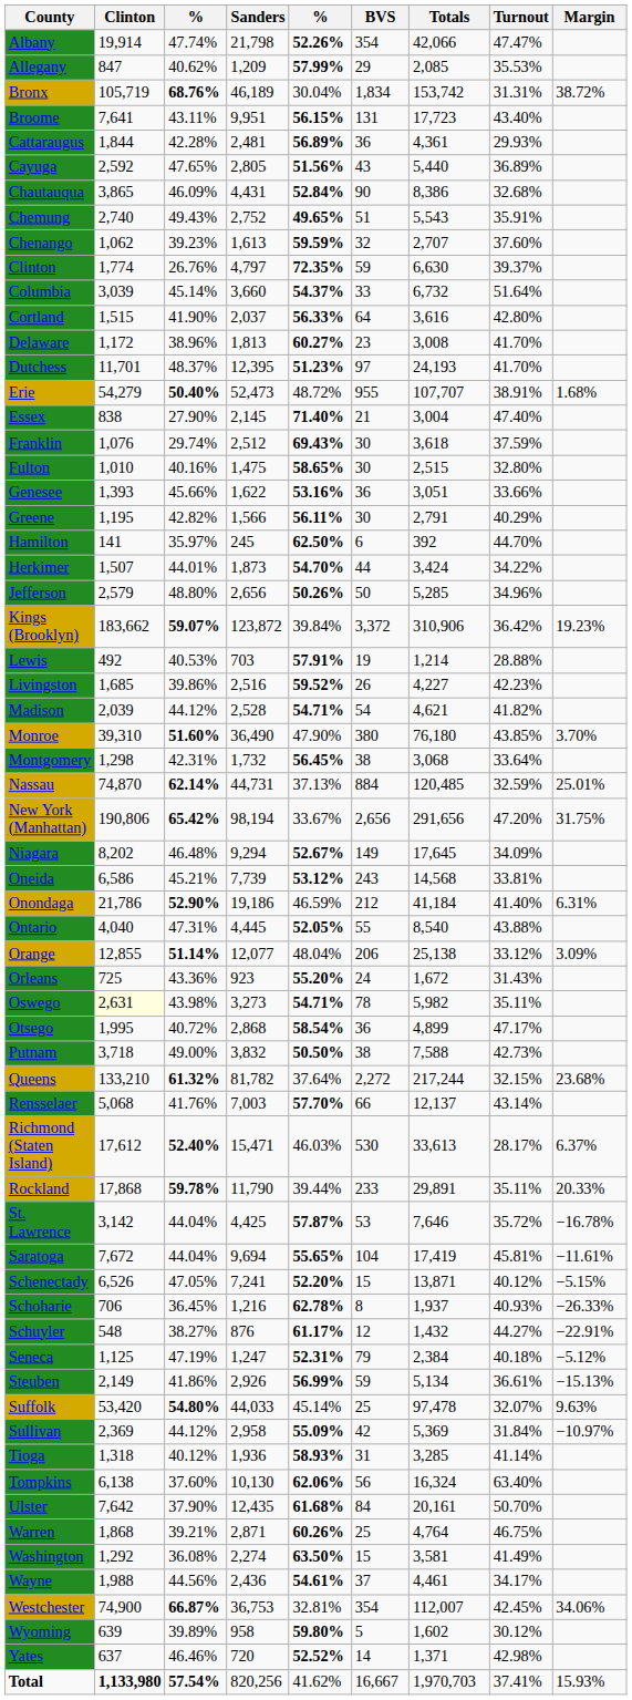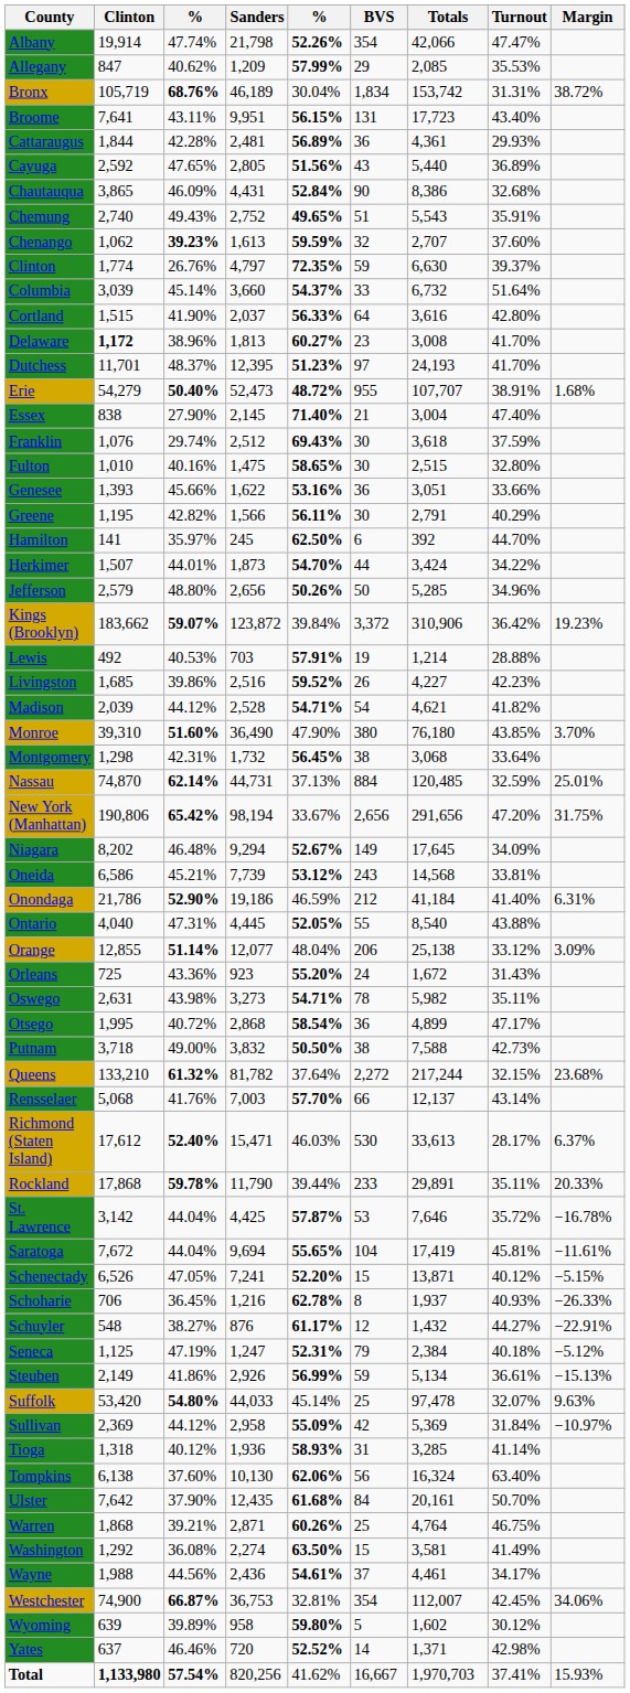 <table style="width:50%;" class="wikitable sortable">
 <tr style="background:lightgrey;">
 <th style="width:10%;">County</th>
 <th style="width:10%;">Clinton</th>
 <th style="width:10%;">%</th>
 <th style="width:10%;">Sanders</th>
 <th style="width:10%;">%</th>
 <th>BVS</th>
 <th>Totals</th>
 <th style="width:10%;">Turnout</th>
 <th>Margin</th>
 </tr>
 <tr>
 <td style="background:#228B22;"><a href='#'>Albany</a></td>
 <td>19,914</td>
 <td>47.74%</td>
 <td>21,798</td>
 <td><strong>52.26%</strong></td>
 <td>354</td>
 <td>42,066</td>
 <td>47.47%</td>
 <td></td>
 </tr>
 <tr>
 <td style="background:#228B22;"><a href='#'>Allegany</a></td>
 <td>847</td>
 <td>40.62%</td>
 <td>1,209</td>
 <td><strong>57.99%</strong></td>
 <td>29</td>
 <td>2,085</td>
 <td>35.53%</td>
 <td></td>
 </tr>
 <tr>
 <td style="background:#D4AA00;"><a href='#'>Bronx</a></td>
 <td>105,719</td>
 <td><strong>68.76%</strong></td>
 <td>46,189</td>
 <td>30.04%</td>
 <td>1,834</td>
 <td>153,742</td>
 <td>31.31%</td>
 <td>38.72%</td>
 </tr>
 <tr>
 <td style="background:#228B22;"><a href='#'>Broome</a></td>
 <td>7,641</td>
 <td>43.11%</td>
 <td>9,951</td>
 <td><strong>56.15%</strong></td>
 <td>131</td>
 <td>17,723</td>
 <td>43.40%</td>
 <td></td>
 </tr>
 <tr>
 <td style="background:#228B22;"><a href='#'>Cattaraugus</a></td>
 <td>1,844</td>
 <td>42.28%</td>
 <td>2,481</td>
 <td><strong>56.89%</strong></td>
 <td>36</td>
 <td>4,361</td>
 <td>29.93%</td>
 <td></td>
 </tr>
 <tr>
 <td style="background:#228B22;"><a href='#'>Cayuga</a></td>
 <td>2,592</td>
 <td>47.65%</td>
 <td>2,805</td>
 <td><strong>51.56%</strong></td>
 <td>43</td>
 <td>5,440</td>
 <td>36.89%</td>
 <td></td>
 </tr>
 <tr>
 <td style="background:#228B22;"><a href='#'>Chautauqua</a></td>
 <td>3,865</td>
 <td>46.09%</td>
 <td>4,431</td>
 <td><strong>52.84%</strong></td>
 <td>90</td>
 <td>8,386</td>
 <td>32.68%</td>
 <td></td>
 </tr>
 <tr>
 <td style="background:#228B22;"><a href='#'>Chemung</a></td>
 <td>2,740</td>
 <td>49.43%</td>
 <td>2,752</td>
 <td><strong>49.65%</strong></td>
 <td>51</td>
 <td>5,543</td>
 <td>35.91%</td>
 <td></td>
 </tr>
 <tr>
 <td style="background:#228B22;"><a href='#'>Chenango</a></td>
 <td>1,062</td>
-<td>39.23%</td>
+<td><strong>39.23%</strong></td>
 <td>1,613</td>
 <td><strong>59.59%</strong></td>
 <td>32</td>
 <td>2,707</td>
 <td>37.60%</td>
 <td></td>
 </tr>
 <tr>
 <td style="background:#228B22;"><a href='#'>Clinton</a></td>
 <td>1,774</td>
 <td>26.76%</td>
 <td>4,797</td>
 <td><strong>72.35%</strong></td>
 <td>59</td>
 <td>6,630</td>
 <td>39.37%</td>
 <td></td>
 </tr>
 <tr>
 <td style="background:#228B22;"><a href='#'>Columbia</a></td>
 <td>3,039</td>
 <td>45.14%</td>
 <td>3,660</td>
 <td><strong>54.37%</strong></td>
 <td>33</td>
 <td>6,732</td>
 <td>51.64%</td>
 <td></td>
 </tr>
 <tr>
 <td style="background:#228B22;"><a href='#'>Cortland</a></td>
 <td>1,515</td>
 <td>41.90%</td>
 <td>2,037</td>
 <td><strong>56.33%</strong></td>
 <td>64</td>
 <td>3,616</td>
 <td>42.80%</td>
 <td></td>
 </tr>
 <tr>
 <td style="background:#228B22;"><a href='#'>Delaware</a></td>
-<td>1,172</td>
+<td><strong>1,172</strong></td>
 <td>38.96%</td>
 <td>1,813</td>
 <td><strong>60.27%</strong></td>
 <td>23</td>
 <td>3,008</td>
 <td>41.70%</td>
 <td></td>
 </tr>
 <tr>
 <td style="background:#228B22;"><a href='#'>Dutchess</a></td>
 <td>11,701</td>
 <td>48.37%</td>
 <td>12,395</td>
 <td><strong>51.23%</strong></td>
 <td>97</td>
 <td>24,193</td>
 <td>41.70%</td>
 <td></td>
 </tr>
 <tr>
 <td style="background:#D4AA00;"><a href='#'>Erie</a></td>
 <td>54,279</td>
 <td><strong>50.40%</strong></td>
 <td>52,473</td>
-<td>48.72%</td>
+<td><strong>48.72%</strong></td>
 <td>955</td>
 <td>107,707</td>
 <td>38.91%</td>
 <td>1.68%</td>
 </tr>
 <tr>
 <td style="background:#228B22;"><a href='#'>Essex</a></td>
 <td>838</td>
 <td>27.90%</td>
 <td>2,145</td>
 <td><strong>71.40%</strong></td>
 <td>21</td>
 <td>3,004</td>
 <td>47.40%</td>
 <td></td>
 </tr>
 <tr>
 <td style="background:#228B22;"><a href='#'>Franklin</a></td>
 <td>1,076</td>
 <td>29.74%</td>
 <td>2,512</td>
 <td><strong>69.43%</strong></td>
 <td>30</td>
 <td>3,618</td>
 <td>37.59%</td>
 <td></td>
 </tr>
 <tr>
 <td style="background:#228B22;"><a href='#'>Fulton</a></td>
 <td>1,010</td>
 <td>40.16%</td>
 <td>1,475</td>
 <td><strong>58.65%</strong></td>
 <td>30</td>
 <td>2,515</td>
 <td>32.80%</td>
 <td></td>
 </tr>
 <tr>
 <td style="background:#228B22;"><a href='#'>Genesee</a></td>
 <td>1,393</td>
 <td>45.66%</td>
 <td>1,622</td>
 <td><strong>53.16%</strong></td>
 <td>36</td>
 <td>3,051</td>
 <td>33.66%</td>
 <td></td>
 </tr>
 <tr>
 <td style="background:#228B22;"><a href='#'>Greene</a></td>
 <td>1,195</td>
 <td>42.82%</td>
 <td>1,566</td>
 <td><strong>56.11%</strong></td>
 <td>30</td>
 <td>2,791</td>
 <td>40.29%</td>
 <td></td>
 </tr>
 <tr>
 <td style="background:#228B22;"><a href='#'>Hamilton</a></td>
 <td>141</td>
 <td>35.97%</td>
 <td>245</td>
 <td><strong>62.50%</strong></td>
 <td>6</td>
 <td>392</td>
 <td>44.70%</td>
 <td></td>
 </tr>
 <tr>
 <td style="background:#228B22;"><a href='#'>Herkimer</a></td>
 <td>1,507</td>
 <td>44.01%</td>
 <td>1,873</td>
 <td><strong>54.70%</strong></td>
 <td>44</td>
 <td>3,424</td>
 <td>34.22%</td>
 <td></td>
 </tr>
 <tr>
 <td style="background:#228B22;"><a href='#'>Jefferson</a></td>
 <td>2,579</td>
 <td>48.80%</td>
 <td>2,656</td>
 <td><strong>50.26%</strong></td>
 <td>50</td>
 <td>5,285</td>
 <td>34.96%</td>
 <td></td>
 </tr>
 <tr>
 <td style="background:#D4AA00;"><a href='#'>Kings (Brooklyn)</a></td>
 <td>183,662</td>
 <td><strong>59.07%</strong></td>
 <td>123,872</td>
 <td>39.84%</td>
 <td>3,372</td>
 <td>310,906</td>
 <td>36.42%</td>
 <td>19.23%</td>
 </tr>
 <tr>
 <td style="background:#228B22;"><a href='#'>Lewis</a></td>
 <td>492</td>
 <td>40.53%</td>
 <td>703</td>
 <td><strong>57.91%</strong></td>
 <td>19</td>
 <td>1,214</td>
 <td>28.88%</td>
 <td></td>
 </tr>
 <tr>
 <td style="background:#228B22;"><a href='#'>Livingston</a></td>
 <td>1,685</td>
 <td>39.86%</td>
 <td>2,516</td>
 <td><strong>59.52%</strong></td>
 <td>26</td>
 <td>4,227</td>
 <td>42.23%</td>
 <td></td>
 </tr>
 <tr>
 <td style="background:#228B22;"><a href='#'>Madison</a></td>
 <td>2,039</td>
 <td>44.12%</td>
 <td>2,528</td>
 <td><strong>54.71%</strong></td>
 <td>54</td>
 <td>4,621</td>
 <td>41.82%</td>
 <td></td>
 </tr>
 <tr>
 <td style="background:#D4AA00;"><a href='#'>Monroe</a></td>
 <td>39,310</td>
 <td><strong>51.60%</strong></td>
 <td>36,490</td>
 <td>47.90%</td>
 <td>380</td>
 <td>76,180</td>
 <td>43.85%</td>
 <td>3.70%</td>
 </tr>
 <tr>
 <td style="background:#228B22;"><a href='#'>Montgomery</a></td>
 <td>1,298</td>
 <td>42.31%</td>
 <td>1,732</td>
 <td><strong>56.45%</strong></td>
 <td>38</td>
 <td>3,068</td>
 <td>33.64%</td>
 <td></td>
 </tr>
 <tr>
 <td style="background:#D4AA00;"><a href='#'>Nassau</a></td>
 <td>74,870</td>
 <td><strong>62.14%</strong></td>
 <td>44,731</td>
 <td>37.13%</td>
 <td>884</td>
 <td>120,485</td>
 <td>32.59%</td>
 <td>25.01%</td>
 </tr>
 <tr>
 <td style="background:#D4AA00;"><a href='#'>New York (Manhattan)</a></td>
 <td>190,806</td>
 <td><strong>65.42%</strong></td>
 <td>98,194</td>
 <td>33.67%</td>
 <td>2,656</td>
 <td>291,656</td>
 <td>47.20%</td>
 <td>31.75%</td>
 </tr>
 <tr>
 <td style="background:#228B22;"><a href='#'>Niagara</a></td>
 <td>8,202</td>
 <td>46.48%</td>
 <td>9,294</td>
 <td><strong>52.67%</strong></td>
 <td>149</td>
 <td>17,645</td>
 <td>34.09%</td>
 <td></td>
 </tr>
 <tr>
 <td style="background:#228B22;"><a href='#'>Oneida</a></td>
 <td>6,586</td>
 <td>45.21%</td>
 <td>7,739</td>
 <td><strong>53.12%</strong></td>
 <td>243</td>
 <td>14,568</td>
 <td>33.81%</td>
 <td></td>
 </tr>
 <tr>
 <td style="background:#D4AA00;"><a href='#'>Onondaga</a></td>
 <td>21,786</td>
 <td><strong>52.90%</strong></td>
 <td>19,186</td>
 <td>46.59%</td>
 <td>212</td>
 <td>41,184</td>
 <td>41.40%</td>
 <td>6.31%</td>
 </tr>
 <tr>
 <td style="background:#228B22;"><a href='#'>Ontario</a></td>
 <td>4,040</td>
 <td>47.31%</td>
 <td>4,445</td>
 <td><strong>52.05%</strong></td>
 <td>55</td>
 <td>8,540</td>
 <td>43.88%</td>
 <td></td>
 </tr>
 <tr>
 <td style="background:#D4AA00;"><a href='#'>Orange</a></td>
 <td>12,855</td>
 <td><strong>51.14%</strong></td>
 <td>12,077</td>
 <td>48.04%</td>
 <td>206</td>
 <td>25,138</td>
 <td>33.12%</td>
 <td>3.09%</td>
 </tr>
 <tr>
 <td style="background:#228B22;"><a href='#'>Orleans</a></td>
 <td>725</td>
 <td>43.36%</td>
 <td>923</td>
 <td><strong>55.20%</strong></td>
 <td>24</td>
 <td>1,672</td>
 <td>31.43%</td>
 <td></td>
 </tr>
 <tr>
 <td style="background:#228B22;"><a href='#'>Oswego</a></td>
-<td style="background: lightyellow;">2,631</td>
+<td>2,631</td>
 <td>43.98%</td>
 <td>3,273</td>
 <td><strong>54.71%</strong></td>
 <td>78</td>
 <td>5,982</td>
 <td>35.11%</td>
 <td></td>
 </tr>
 <tr>
 <td style="background:#228B22;"><a href='#'>Otsego</a></td>
 <td>1,995</td>
 <td>40.72%</td>
 <td>2,868</td>
 <td><strong>58.54%</strong></td>
 <td>36</td>
 <td>4,899</td>
 <td>47.17%</td>
 <td></td>
 </tr>
 <tr>
 <td style="background:#228B22;"><a href='#'>Putnam</a></td>
 <td>3,718</td>
 <td>49.00%</td>
 <td>3,832</td>
 <td><strong>50.50%</strong></td>
 <td>38</td>
 <td>7,588</td>
 <td>42.73%</td>
 <td></td>
 </tr>
 <tr>
 <td style="background:#D4AA00;"><a href='#'>Queens</a></td>
 <td>133,210</td>
 <td><strong>61.32%</strong></td>
 <td>81,782</td>
 <td>37.64%</td>
 <td>2,272</td>
 <td>217,244</td>
 <td>32.15%</td>
 <td>23.68%</td>
 </tr>
 <tr>
 <td style="background:#228B22;"><a href='#'>Rensselaer</a></td>
 <td>5,068</td>
 <td>41.76%</td>
 <td>7,003</td>
 <td><strong>57.70%</strong></td>
 <td>66</td>
 <td>12,137</td>
 <td>43.14%</td>
 <td></td>
 </tr>
 <tr>
 <td style="background:#D4AA00;"><a href='#'>Richmond (Staten Island)</a></td>
 <td>17,612</td>
 <td><strong>52.40%</strong></td>
 <td>15,471</td>
 <td>46.03%</td>
 <td>530</td>
 <td>33,613</td>
 <td>28.17%</td>
 <td>6.37%</td>
 </tr>
 <tr>
 <td style="background:#D4AA00;"><a href='#'>Rockland</a></td>
 <td>17,868</td>
 <td><strong>59.78%</strong></td>
 <td>11,790</td>
 <td>39.44%</td>
 <td>233</td>
 <td>29,891</td>
 <td>35.11%</td>
 <td>20.33%</td>
 </tr>
 <tr>
 <td style="background:#228B22;"><a href='#'>St. Lawrence</a></td>
 <td>3,142</td>
 <td>44.04%</td>
 <td>4,425</td>
 <td><strong>57.87%</strong></td>
 <td>53</td>
 <td>7,646</td>
 <td>35.72%</td>
 <td>−16.78%</td>
 </tr>
 <tr>
 <td style="background:#228B22;"><a href='#'>Saratoga</a></td>
 <td>7,672</td>
 <td>44.04%</td>
 <td>9,694</td>
 <td><strong>55.65%</strong></td>
 <td>104</td>
 <td>17,419</td>
 <td>45.81%</td>
 <td>−11.61%</td>
 </tr>
 <tr>
 <td style="background:#228B22;"><a href='#'>Schenectady</a></td>
 <td>6,526</td>
 <td>47.05%</td>
 <td>7,241</td>
 <td><strong>52.20%</strong></td>
 <td>15</td>
 <td>13,871</td>
 <td>40.12%</td>
 <td>−5.15%</td>
 </tr>
 <tr>
 <td style="background:#228B22;"><a href='#'>Schoharie</a></td>
 <td>706</td>
 <td>36.45%</td>
 <td>1,216</td>
 <td><strong>62.78%</strong></td>
 <td>8</td>
 <td>1,937</td>
 <td>40.93%</td>
 <td>−26.33%</td>
 </tr>
 <tr>
 <td style="background:#228B22;"><a href='#'>Schuyler</a></td>
 <td>548</td>
 <td>38.27%</td>
 <td>876</td>
 <td><strong>61.17%</strong></td>
 <td>12</td>
 <td>1,432</td>
 <td>44.27%</td>
 <td>−22.91%</td>
 </tr>
 <tr>
 <td style="background:#228B22;"><a href='#'>Seneca</a></td>
 <td>1,125</td>
 <td>47.19%</td>
 <td>1,247</td>
 <td><strong>52.31%</strong></td>
 <td>79</td>
 <td>2,384</td>
 <td>40.18%</td>
 <td>−5.12%</td>
 </tr>
 <tr>
 <td style="background:#228B22;"><a href='#'>Steuben</a></td>
 <td>2,149</td>
 <td>41.86%</td>
 <td>2,926</td>
 <td><strong>56.99%</strong></td>
 <td>59</td>
 <td>5,134</td>
 <td>36.61%</td>
 <td>−15.13%</td>
 </tr>
 <tr>
 <td style="background:#D4AA00;"><a href='#'>Suffolk</a></td>
 <td>53,420</td>
 <td><strong>54.80%</strong></td>
 <td>44,033</td>
 <td>45.14%</td>
 <td>25</td>
 <td>97,478</td>
 <td>32.07%</td>
 <td>9.63%</td>
 </tr>
 <tr>
 <td style="background:#228B22;"><a href='#'>Sullivan</a></td>
 <td>2,369</td>
 <td>44.12%</td>
 <td>2,958</td>
 <td><strong>55.09%</strong></td>
 <td>42</td>
 <td>5,369</td>
 <td>31.84%</td>
 <td>−10.97%</td>
 </tr>
 <tr>
 <td style="background:#228B22;"><a href='#'>Tioga</a></td>
 <td>1,318</td>
 <td>40.12%</td>
 <td>1,936</td>
 <td><strong>58.93%</strong></td>
 <td>31</td>
 <td>3,285</td>
 <td>41.14%</td>
 <td></td>
 </tr>
 <tr>
 <td style="background:#228B22;"><a href='#'>Tompkins</a></td>
 <td>6,138</td>
 <td>37.60%</td>
 <td>10,130</td>
 <td><strong>62.06%</strong></td>
 <td>56</td>
 <td>16,324</td>
 <td>63.40%</td>
 <td></td>
 </tr>
 <tr>
 <td style="background:#228B22;"><a href='#'>Ulster</a></td>
 <td>7,642</td>
 <td>37.90%</td>
 <td>12,435</td>
 <td><strong>61.68%</strong></td>
 <td>84</td>
 <td>20,161</td>
 <td>50.70%</td>
 <td></td>
 </tr>
 <tr>
 <td style="background:#228B22;"><a href='#'>Warren</a></td>
 <td>1,868</td>
 <td>39.21%</td>
 <td>2,871</td>
 <td><strong>60.26%</strong></td>
 <td>25</td>
 <td>4,764</td>
 <td>46.75%</td>
 <td></td>
 </tr>
 <tr>
 <td style="background:#228B22;"><a href='#'>Washington</a></td>
 <td>1,292</td>
 <td>36.08%</td>
 <td>2,274</td>
 <td><strong>63.50%</strong></td>
 <td>15</td>
 <td>3,581</td>
 <td>41.49%</td>
 <td></td>
 </tr>
 <tr>
 <td style="background:#228B22;"><a href='#'>Wayne</a></td>
 <td>1,988</td>
 <td>44.56%</td>
 <td>2,436</td>
 <td><strong>54.61%</strong></td>
 <td>37</td>
 <td>4,461</td>
 <td>34.17%</td>
 <td></td>
 </tr>
 <tr>
 <td style="background:#D4AA00;"><a href='#'>Westchester</a></td>
 <td>74,900</td>
 <td><strong>66.87%</strong></td>
 <td>36,753</td>
 <td>32.81%</td>
 <td>354</td>
 <td>112,007</td>
 <td>42.45%</td>
 <td>34.06%</td>
 </tr>
 <tr>
 <td style="background:#228B22;"><a href='#'>Wyoming</a></td>
 <td>639</td>
 <td>39.89%</td>
 <td>958</td>
 <td><strong>59.80%</strong></td>
 <td>5</td>
 <td>1,602</td>
 <td>30.12%</td>
 <td></td>
 </tr>
 <tr>
 <td style="background:#228B22;"><a href='#'>Yates</a></td>
 <td>637</td>
 <td>46.46%</td>
 <td>720</td>
 <td><strong>52.52%</strong></td>
 <td>14</td>
 <td>1,371</td>
 <td>42.98%</td>
 <td></td>
 </tr>
 <tr>
 <td><strong>Total</strong></td>
 <td><strong>1,133,980</strong></td>
 <td><strong>57.54%</strong></td>
 <td>820,256</td>
 <td>41.62%</td>
 <td>16,667</td>
 <td>1,970,703</td>
 <td>37.41%</td>
 <td>15.93%</td>
 </tr>
 </table>
